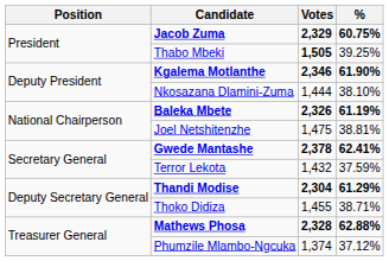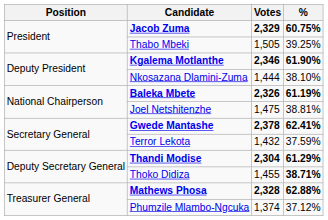 <table class="wikitable">
 <tr>
 <th>Position</th>
 <th>Candidate</th>
 <th>Votes</th>
 <th>%</th>
 </tr>
 <tr>
 <td rowspan="2">President</td>
 <td><strong><a href='#'>Jacob Zuma</a></strong></td>
 <td><strong>2,329</strong></td>
 <td><strong>60.75%</strong></td>
 </tr>
 <tr>
 <td><a href='#'>Thabo Mbeki</a></td>
-<td><strong>1,505</strong></td>
+<td>1,505</td>
 <td>39.25%</td>
 </tr>
 <tr>
 <td rowspan="2">Deputy President</td>
 <td><strong><a href='#'>Kgalema Motlanthe</a></strong></td>
 <td><strong>2,346</strong></td>
 <td><strong>61.90%</strong></td>
 </tr>
 <tr>
 <td><a href='#'>Nkosazana Dlamini-Zuma</a></td>
 <td>1,444</td>
 <td>38.10%</td>
 </tr>
 <tr>
 <td rowspan="2">National Chairperson</td>
 <td><strong><a href='#'>Baleka Mbete</a></strong></td>
 <td><strong>2,326</strong></td>
 <td><strong>61.19%</strong></td>
 </tr>
 <tr>
 <td><a href='#'>Joel Netshitenzhe</a></td>
 <td>1,475</td>
 <td>38.81%</td>
 </tr>
 <tr>
 <td rowspan="2">Secretary General</td>
 <td><strong><a href='#'>Gwede Mantashe</a></strong></td>
 <td><strong>2,378</strong></td>
 <td><strong>62.41%</strong></td>
 </tr>
 <tr>
 <td><a href='#'>Terror Lekota</a></td>
 <td>1,432</td>
 <td>37.59%</td>
 </tr>
 <tr>
 <td rowspan="2">Deputy Secretary General</td>
 <td><strong><a href='#'>Thandi Modise</a></strong></td>
 <td><strong>2,304</strong></td>
 <td><strong>61.29%</strong></td>
 </tr>
 <tr>
 <td><a href='#'>Thoko Didiza</a></td>
 <td>1,455</td>
-<td>38.71%</td>
+<td><strong>38.71%</strong></td>
 </tr>
 <tr>
 <td rowspan="2">Treasurer General</td>
 <td><strong><a href='#'>Mathews Phosa</a></strong></td>
 <td><strong>2,328</strong></td>
 <td><strong>62.88%</strong></td>
 </tr>
 <tr>
 <td><a href='#'>Phumzile Mlambo-Ngcuka</a></td>
 <td>1,374</td>
 <td>37.12%</td>
 </tr>
 </table>
